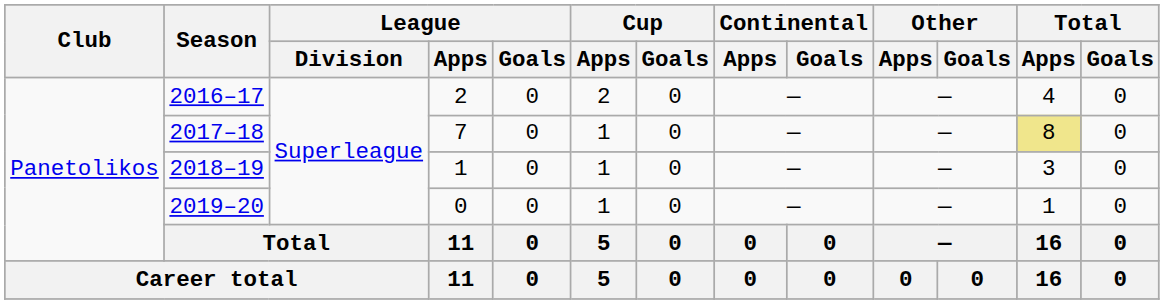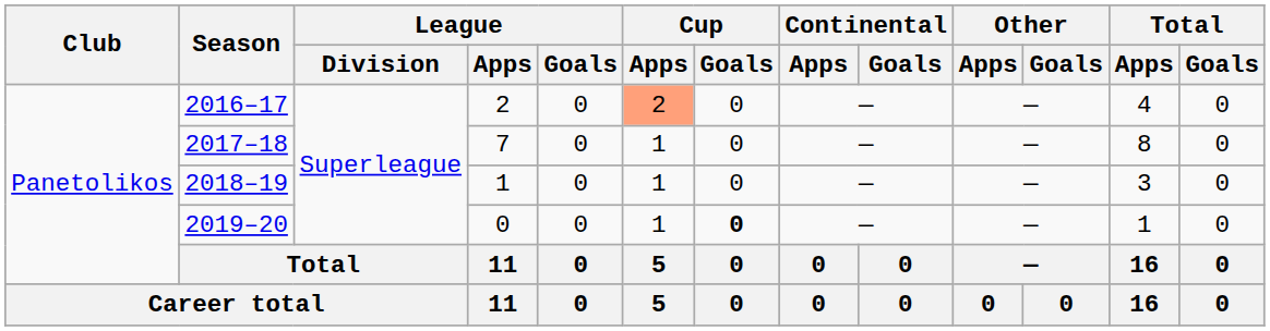 <table class="wikitable" style="text-align:center">
 <tr>
 <th rowspan=2>Club</th>
 <th rowspan=2>Season</th>
 <th colspan=3>League</th>
 <th colspan=2>Cup</th>
 <th colspan=2>Continental</th>
 <th colspan=2>Other</th>
 <th colspan=2>Total</th>
 </tr>
 <tr>
 <th>Division</th>
 <th>Apps</th>
 <th>Goals</th>
 <th>Apps</th>
 <th>Goals</th>
 <th>Apps</th>
 <th>Goals</th>
 <th>Apps</th>
 <th>Goals</th>
 <th>Apps</th>
 <th>Goals</th>
 </tr>
 <tr>
 <td rowspan=5><a href='#'>Panetolikos</a></td>
 <td><a href='#'>2016–17</a></td>
 <td rowspan=4><a href='#'>Superleague</a></td>
 <td>2</td>
 <td>0</td>
-<td>2</td>
+<td style="background: lightsalmon;">2</td>
 <td>0</td>
 <td colspan="2">—</td>
 <td colspan="2">—</td>
 <td>4</td>
 <td>0</td>
 </tr>
 <tr>
 <td><a href='#'>2017–18</a></td>
 <td>7</td>
 <td>0</td>
 <td>1</td>
 <td>0</td>
 <td colspan="2">—</td>
 <td colspan="2">—</td>
-<td style="background: khaki;">8</td>
+<td>8</td>
 <td>0</td>
 </tr>
 <tr>
 <td><a href='#'>2018–19</a></td>
 <td>1</td>
 <td>0</td>
 <td>1</td>
 <td>0</td>
 <td colspan="2">—</td>
 <td colspan="2">—</td>
 <td>3</td>
 <td>0</td>
 </tr>
 <tr>
 <td><a href='#'>2019–20</a></td>
 <td>0</td>
 <td>0</td>
 <td>1</td>
-<td>0</td>
+<td><strong>0</strong></td>
 <td colspan="2">—</td>
 <td colspan="2">—</td>
 <td>1</td>
 <td>0</td>
 </tr>
 <tr>
 <th colspan="2">Total</th>
 <th>11</th>
 <th>0</th>
 <th>5</th>
 <th>0</th>
 <th>0</th>
 <th>0</th>
 <th colspan="2">—</th>
 <th>16</th>
 <th>0</th>
 </tr>
 <tr>
 <th colspan="3">Career total</th>
 <th>11</th>
 <th>0</th>
 <th>5</th>
 <th>0</th>
 <th>0</th>
 <th>0</th>
 <th>0</th>
 <th>0</th>
 <th>16</th>
 <th>0</th>
 </tr>
 </table>
